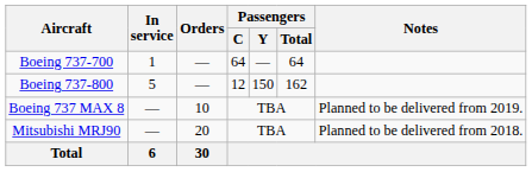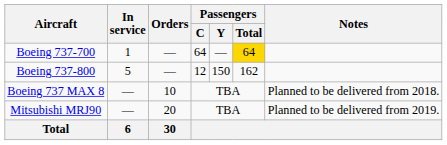 <table class="wikitable" style="margin:0.5em auto; text-align:center">
 <tr>
 <th rowspan=2>Aircraft</th>
 <th rowspan=2>In<br>service</th>
 <th rowspan=2>Orders</th>
 <th colspan=3>Passengers</th>
 <th rowspan=2>Notes</th>
 </tr>
 <tr>
 <th><abbr>C</abbr></th>
 <th><abbr>Y</abbr></th>
 <th>Total</th>
 </tr>
 <tr>
 <td><a href='#'>Boeing 737-700</a></td>
 <td>1</td>
 <td>—</td>
 <td>64</td>
 <td>—</td>
-<td>64</td>
+<td style="background: gold;">64</td>
 <td></td>
 </tr>
 <tr>
 <td><a href='#'>Boeing 737-800</a></td>
 <td>5</td>
 <td>—</td>
 <td>12</td>
 <td>150</td>
 <td>162</td>
 <td></td>
 </tr>
 <tr>
 <td><a href='#'>Boeing 737 MAX 8</a></td>
 <td>—</td>
 <td>10</td>
 <td colspan="3"><abbr>TBA</abbr></td>
-<td>Planned to be delivered from 2019.</td>
+<td>Planned to be delivered from 2018.</td>
 </tr>
 <tr>
 <td><a href='#'>Mitsubishi MRJ90</a></td>
 <td>—</td>
 <td>20</td>
 <td colspan=3><abbr>TBA</abbr></td>
-<td>Planned to be delivered from 2018.</td>
+<td>Planned to be delivered from 2019.</td>
 </tr>
 <tr>
 <th>Total</th>
 <th>6</th>
 <th>30</th>
 <th colspan=4></th>
 </tr>
 </table>
